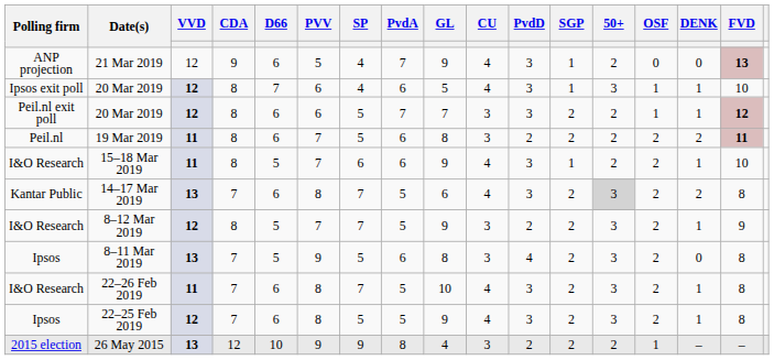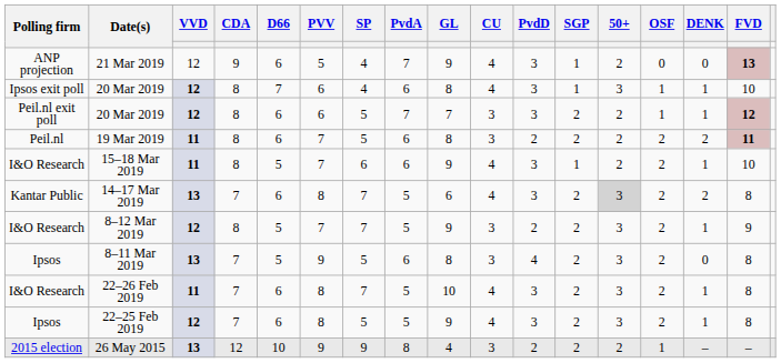 <table class="wikitable sortable" style="text-align:center;font-size:90%;line-height:14px;">
 <tr style="height:40px;">
 <th style="width:85px;" rowspan="2">Polling firm</th>
 <th style="width:85px;" rowspan="2">Date(s)</th>
 <th class="unsortable" style="width:40px;"><a href='#'>VVD</a></th>
 <th class="unsortable" style="width:40px;"><a href='#'>CDA</a></th>
 <th class="unsortable" style="width:40px;"><a href='#'>D66</a></th>
 <th class="unsortable" style="width:40px;"><a href='#'>PVV</a></th>
 <th class="unsortable" style="width:40px;"><a href='#'>SP</a></th>
 <th class="unsortable" style="width:40px;"><a href='#'>PvdA</a></th>
 <th class="unsortable" style="width:40px;"><a href='#'>GL</a></th>
 <th class="unsortable" style="width:40px;"><a href='#'>CU</a></th>
 <th class="unsortable" style="width:40px;"><a href='#'>PvdD</a></th>
 <th class="unsortable" style="width:40px;"><a href='#'>SGP</a></th>
 <th class="unsortable" style="width:40px;"><a href='#'>50+</a></th>
 <th class="unsortable" style="width:40px;"><a href='#'>OSF</a></th>
 <th class="unsortable" style="width:40px;"><a href='#'>DENK</a></th>
 <th class="unsortable" style="width:40px;"><a href='#'>FVD</a></th>
 <th colspan="2" class="unsortable"></th>
 </tr>
 <tr>
 <th style="color:inherit;background:"></th>
 <th style="color:inherit;background:"></th>
 <th style="color:inherit;background:"></th>
 <th style="color:inherit;background:"></th>
 <th style="color:inherit;background:"></th>
 <th style="color:inherit;background:"></th>
 <th style="color:inherit;background:"></th>
 <th style="color:inherit;background:"></th>
 <th style="color:inherit;background:"></th>
 <th style="color:inherit;background:"></th>
 <th style="color:inherit;background:"></th>
 <th style="color:inherit;background:"></th>
 <th style="color:inherit;background:"></th>
 <th style="color:inherit;background:"></th>
 </tr>
 <tr>
 <td>ANP projection</td>
 <td>21 Mar 2019</td>
 <td>12</td>
 <td>9</td>
 <td>6</td>
 <td>5</td>
 <td>4</td>
 <td>7</td>
 <td>9</td>
 <td>4</td>
 <td>3</td>
 <td>1</td>
 <td>2</td>
 <td>0</td>
 <td>0</td>
 <td style="background:#DBBDBD;"><strong>13</strong></td>
 <td></td>
 </tr>
 <tr>
 <td>Ipsos exit poll</td>
 <td>20 Mar 2019</td>
 <td style="background:#D8DBE8;"><strong>12</strong></td>
 <td>8</td>
 <td>7</td>
 <td>6</td>
 <td>4</td>
 <td>6</td>
-<td>5</td>
+<td>8</td>
 <td>4</td>
 <td>3</td>
 <td>1</td>
 <td>3</td>
 <td>1</td>
 <td>1</td>
 <td>10</td>
 <td></td>
 </tr>
 <tr>
 <td>Peil.nl exit poll</td>
 <td>20 Mar 2019</td>
 <td style="background:#D8DBE8;"><strong>12</strong></td>
 <td>8</td>
 <td>6</td>
 <td>6</td>
 <td>5</td>
 <td>7</td>
 <td>7</td>
 <td>3</td>
 <td>3</td>
 <td>2</td>
 <td>2</td>
 <td>1</td>
 <td>1</td>
 <td style="background:#DBBDBD;"><strong>12</strong></td>
 <td></td>
 </tr>
 <tr>
 <td>Peil.nl</td>
 <td>19 Mar 2019</td>
 <td style="background:#D8DBE8;"><strong>11</strong></td>
 <td>8</td>
 <td>6</td>
 <td>7</td>
 <td>5</td>
 <td>6</td>
 <td>8</td>
 <td>3</td>
 <td>2</td>
 <td>2</td>
 <td>2</td>
 <td>2</td>
 <td>2</td>
 <td style="background:#DBBDBD;"><strong>11</strong></td>
 <td></td>
 </tr>
 <tr>
 <td>I&O Research</td>
 <td>15–18 Mar 2019</td>
 <td style="background:#D8DBE8;"><strong>11</strong></td>
 <td>8</td>
 <td>5</td>
 <td>7</td>
 <td>6</td>
 <td>6</td>
 <td>9</td>
 <td>4</td>
 <td>3</td>
 <td>1</td>
 <td>2</td>
 <td>2</td>
 <td>1</td>
 <td>10</td>
 <td></td>
 </tr>
 <tr>
 <td>Kantar Public</td>
 <td>14–17 Mar 2019</td>
 <td style="background:#D8DBE8;"><strong>13</strong></td>
 <td>7</td>
 <td>6</td>
 <td>8</td>
 <td>7</td>
 <td>5</td>
 <td>6</td>
 <td>4</td>
 <td>3</td>
 <td>2</td>
 <td style="background: lightgrey;">3</td>
 <td>2</td>
 <td>2</td>
 <td>8</td>
 <td></td>
 </tr>
 <tr>
 <td>I&O Research</td>
 <td>8–12 Mar 2019</td>
 <td style="background:#D8DBE8;"><strong>12</strong></td>
 <td>8</td>
 <td>5</td>
 <td>7</td>
 <td>7</td>
 <td>5</td>
 <td>9</td>
 <td>3</td>
 <td>2</td>
 <td>2</td>
 <td>3</td>
 <td>2</td>
 <td>1</td>
 <td>9</td>
 <td></td>
 </tr>
 <tr>
 <td>Ipsos</td>
 <td>8–11 Mar 2019</td>
 <td style="background:#D8DBE8;"><strong>13</strong></td>
 <td>7</td>
 <td>5</td>
 <td>9</td>
 <td>5</td>
 <td>6</td>
 <td>8</td>
 <td>3</td>
 <td>4</td>
 <td>2</td>
 <td>3</td>
 <td>2</td>
 <td>0</td>
 <td>8</td>
 <td></td>
 </tr>
 <tr>
 <td>I&O Research</td>
 <td>22–26 Feb 2019</td>
 <td style="background:#D8DBE8;"><strong>11</strong></td>
 <td>7</td>
 <td>6</td>
 <td>8</td>
 <td>7</td>
 <td>5</td>
 <td>10</td>
 <td>4</td>
 <td>3</td>
 <td>2</td>
 <td>3</td>
 <td>2</td>
 <td>1</td>
 <td>8</td>
 <td></td>
 </tr>
 <tr>
 <td>Ipsos</td>
 <td>22–25 Feb 2019</td>
 <td style="background:#D8DBE8;"><strong>12</strong></td>
 <td>7</td>
 <td>6</td>
 <td>8</td>
 <td>5</td>
 <td>5</td>
 <td>9</td>
 <td>4</td>
 <td>3</td>
 <td>2</td>
 <td>3</td>
 <td>2</td>
 <td>1</td>
 <td>8</td>
 <td></td>
 </tr>
 <tr style="background:#E9E9E9">
 <td><a href='#'>2015 election</a></td>
 <td>26 May 2015</td>
 <td style="background:#D8DBE8;"><strong>13</strong></td>
 <td>12</td>
 <td>10</td>
 <td>9</td>
 <td>9</td>
 <td>8</td>
 <td>4</td>
 <td>3</td>
 <td>2</td>
 <td>2</td>
 <td>2</td>
 <td>1</td>
 <td>–</td>
 <td>–</td>
 <td></td>
 </tr>
 </table>
